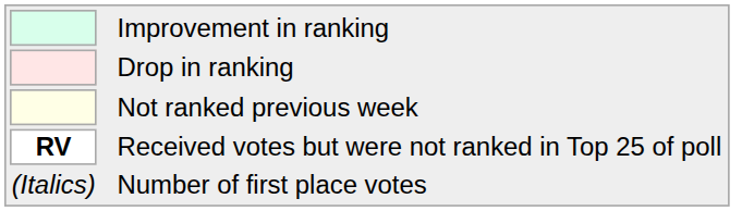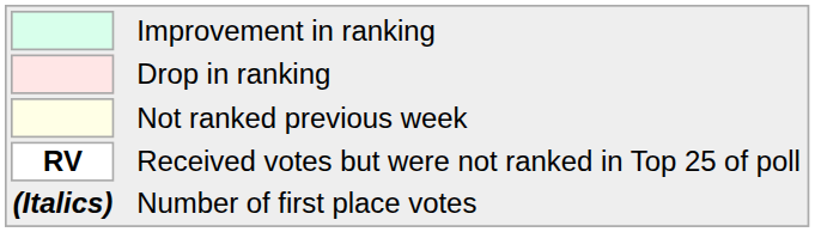 <table style="font-size:90%; border:1px solid #aaaaaa; white-space:nowrap; background:#eeeeee;">
 <tr>
 <td style="background:#d8ffeb; width:20px; border:1px solid #aaaaaa;"> </td>
 <td rowspan="5"> </td>
 <td>Improvement in ranking</td>
 </tr>
 <tr>
 <td style="background:#ffe6e6; width:20px; border:1px solid #aaaaaa;"> </td>
 <td>Drop in ranking</td>
 </tr>
 <tr>
 <td style="background:#ffffe6; width:20px; border:1px solid #aaaaaa;"> </td>
 <td>Not ranked previous week</td>
 </tr>
 <tr>
 <td align="center" style="width:20px; border:1px solid #aaaaaa; background:white;"><strong>RV</strong></td>
 <td>Received votes but were not ranked in Top 25 of poll</td>
 </tr>
 <tr>
-<td><em>(Italics)</em></td>
+<td><strong><em>(Italics)</em></strong></td>
 <td>Number of first place votes</td>
 </tr>
 </table>
